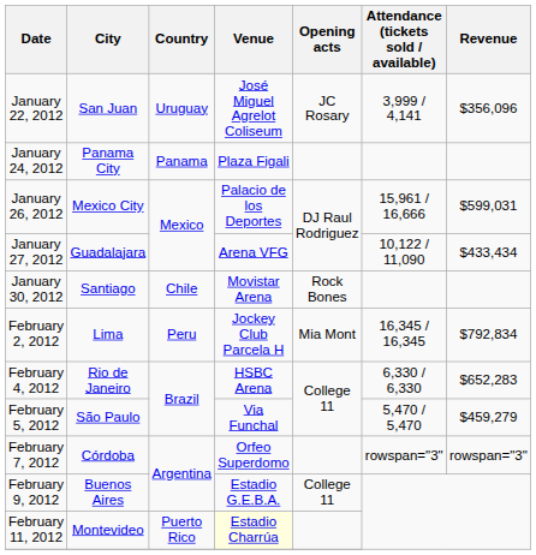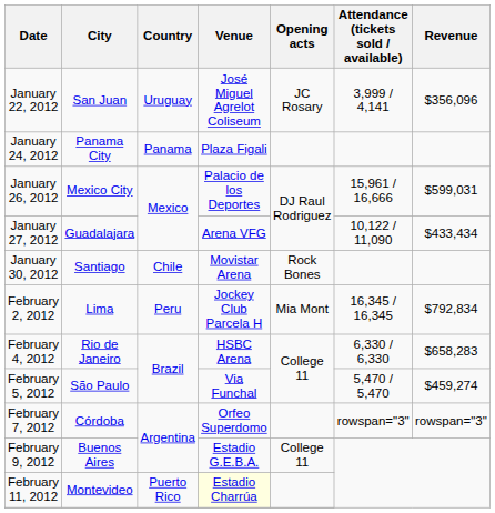 <table class="wikitable" style="text-align:center;">
 <tr>
 <th scope="col" style="width:12em;">Date</th>
 <th scope="col" style="width:10em;">City</th>
 <th scope="col" style="width:10em;">Country</th>
 <th scope="col" style="width:16em;">Venue</th>
 <th scope="col" style="width:10em;">Opening acts</th>
 <th scope="col" style="width:10em;">Attendance (tickets sold / available)</th>
 <th scope="col" style="width:10em;">Revenue</th>
 </tr>
 <tr>
 <td>January 22, 2012</td>
 <td><a href='#'>San Juan</a></td>
 <td><a href='#'>Uruguay</a></td>
 <td><a href='#'>José Miguel Agrelot Coliseum</a></td>
 <td>JC Rosary</td>
 <td>3,999 / 4,141</td>
 <td>$356,096</td>
 </tr>
 <tr>
 <td>January 24, 2012</td>
 <td><a href='#'>Panama City</a></td>
 <td><a href='#'>Panama</a></td>
 <td><a href='#'>Plaza Figali</a></td>
 <td></td>
 <td></td>
 <td></td>
 </tr>
 <tr>
 <td>January 26, 2012</td>
 <td><a href='#'>Mexico City</a></td>
 <td rowspan="2"><a href='#'>Mexico</a></td>
 <td><a href='#'>Palacio de los Deportes</a></td>
 <td rowspan="2">DJ Raul Rodriguez</td>
 <td>15,961 / 16,666</td>
 <td>$599,031</td>
 </tr>
 <tr>
 <td>January 27, 2012</td>
 <td><a href='#'>Guadalajara</a></td>
 <td><a href='#'>Arena VFG</a></td>
 <td>10,122 / 11,090</td>
 <td>$433,434</td>
 </tr>
 <tr>
 <td>January 30, 2012</td>
 <td><a href='#'>Santiago</a></td>
 <td><a href='#'>Chile</a></td>
 <td><a href='#'>Movistar Arena</a></td>
 <td>Rock Bones</td>
 <td></td>
 <td></td>
 </tr>
 <tr>
 <td>February 2, 2012</td>
 <td><a href='#'>Lima</a></td>
 <td><a href='#'>Peru</a></td>
 <td><a href='#'>Jockey Club Parcela H</a></td>
 <td>Mia Mont</td>
 <td>16,345 / 16,345</td>
 <td>$792,834</td>
 </tr>
 <tr>
 <td>February 4, 2012</td>
 <td><a href='#'>Rio de Janeiro</a></td>
 <td rowspan="2"><a href='#'>Brazil</a></td>
 <td><a href='#'>HSBC Arena</a></td>
 <td rowspan="2">College 11</td>
 <td>6,330 / 6,330</td>
-<td>$652,283</td>
+<td>$658,283</td>
 </tr>
 <tr>
 <td>February 5, 2012</td>
 <td><a href='#'>São Paulo</a></td>
 <td><a href='#'>Via Funchal</a></td>
 <td>5,470 / 5,470</td>
-<td>$459,279</td>
+<td>$459,274</td>
 </tr>
 <tr>
 <td>February 7, 2012</td>
 <td><a href='#'>Córdoba</a></td>
 <td rowspan="2"><a href='#'>Argentina</a></td>
 <td><a href='#'>Orfeo Superdomo</a></td>
 <td></td>
 <td>rowspan="3" </td>
 <td>rowspan="3" </td>
 </tr>
 <tr>
 <td>February 9, 2012</td>
 <td><a href='#'>Buenos Aires</a></td>
 <td><a href='#'>Estadio G.E.B.A.</a></td>
 <td>College 11</td>
 </tr>
 <tr>
 <td>February 11, 2012</td>
 <td><a href='#'>Montevideo</a></td>
 <td><a href='#'>Puerto Rico</a></td>
 <td style="background: lightyellow;"><a href='#'>Estadio Charrúa</a></td>
 <td></td>
 </tr>
 <tr>
 </tr>
 </table>
